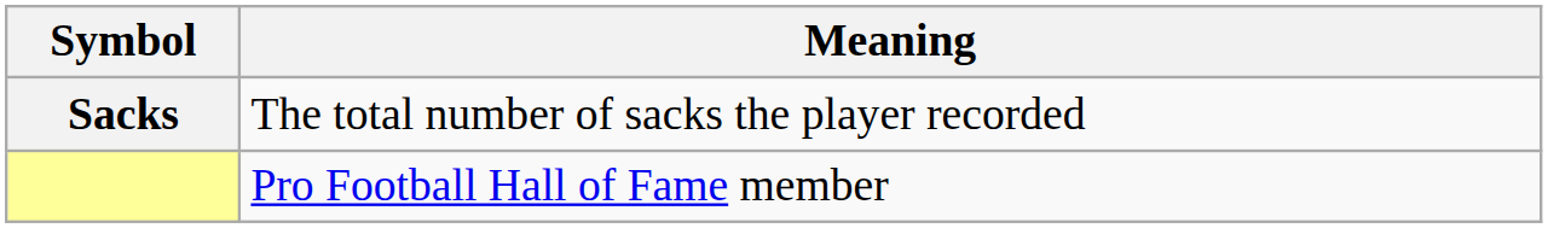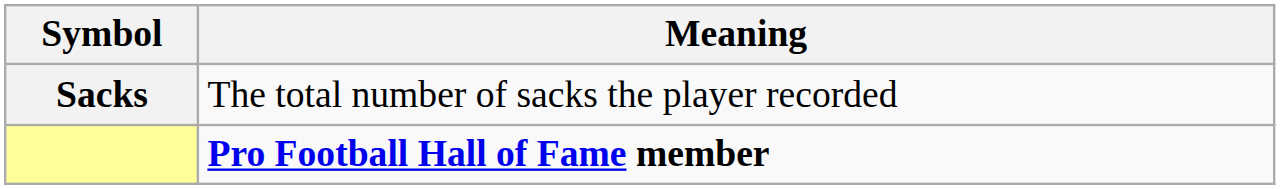 <table class="wikitable plainrowheaders" border="1">
 <tr>
 <th scope="col" style="width:75px">Symbol</th>
 <th scope="col" style="width:450px">Meaning</th>
 </tr>
 <tr>
 <th scope="row" style="text-align:center;"><strong>Sacks</strong></th>
 <td>The total number of sacks the player recorded</td>
 </tr>
 <tr>
 <th scope="row" style="text-align:center; background:#FFFF99;"></th>
-<td><a href='#'>Pro Football Hall of Fame</a> member</td>
+<td><strong><a href='#'>Pro Football Hall of Fame</a> member</strong></td>
 </tr>
 </table>
